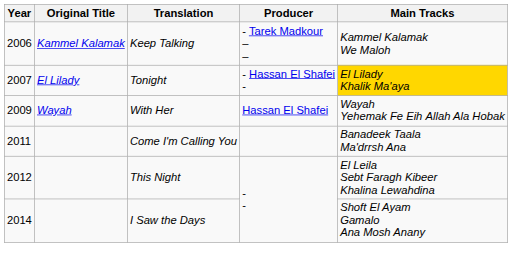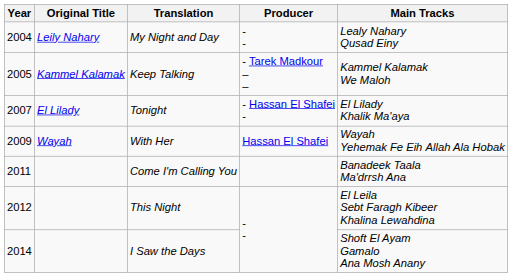 <table class="wikitable sortable" border="2">
 <tr>
 <th scope="col">Year</th>
 <th scope="col">Original Title</th>
 <th scope="col">Translation</th>
 <th scope="col">Producer</th>
 <th scope="col">Main Tracks</th>
 </tr>
 <tr>
-<td>2006</td>
+<td>2004</td>
+<td><em><a href='#'>Leily Nahary</a></em></td>
+<td><em>My Night and Day</em></td>
+<td>- <br>- </td>
+<td><em>Lealy Nahary</em><br><em>Qusad Einy</em></td>
+</tr>
+<tr>
+<td>2005</td>
 <td><em><a href='#'>Kammel Kalamak</a></em></td>
 <td><em>Keep Talking</em></td>
 <td>- <a href='#'>Tarek Madkour</a><br> – <br> – </td>
 <td><em>Kammel Kalamak</em><br><em>We Maloh</em></td>
 </tr>
 <tr>
 <td>2007</td>
 <td><em><a href='#'>El Lilady</a></em></td>
 <td><em>Tonight</em></td>
 <td>- <a href='#'>Hassan El Shafei</a><br>- </td>
-<td style="background: gold;"><em>El Lilady</em><br><em>Khalik Ma'aya</em></td>
+<td><em>El Lilady</em><br><em>Khalik Ma'aya</em></td>
 </tr>
 <tr>
 <td>2009</td>
 <td><em><a href='#'>Wayah</a></em></td>
 <td><em>With Her</em></td>
 <td><a href='#'>Hassan El Shafei</a></td>
 <td><em>Wayah</em><br><em>Yehemak Fe Eih</em> <em>Allah Ala Hobak</em></td>
 </tr>
 <tr>
 <td>2011</td>
 <td><em></em></td>
 <td><em>Come I'm Calling You</em></td>
 <td></td>
 <td><em>Banadeek Taala</em><br><em>Ma'drrsh Ana</em></td>
 </tr>
 <tr>
 <td>2012</td>
 <td><em></em></td>
 <td><em>This Night</em></td>
 <td rowspan="2">- <br>- </td>
 <td><em>El Leila</em><br><em>Sebt Faragh Kibeer</em><br><em>Khalina Lewahdina</em></td>
 </tr>
 <tr>
 <td>2014</td>
 <td><em></em></td>
 <td><em>I Saw the Days</em></td>
 <td><em>Shoft El Ayam</em><br><em>Gamalo</em><br><em>Ana Mosh Anany</em></td>
 </tr>
 </table>
